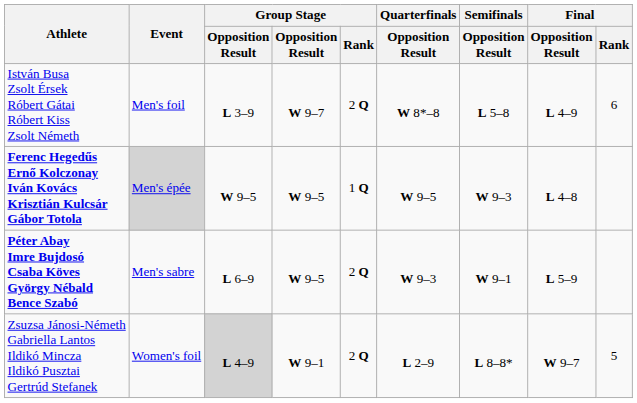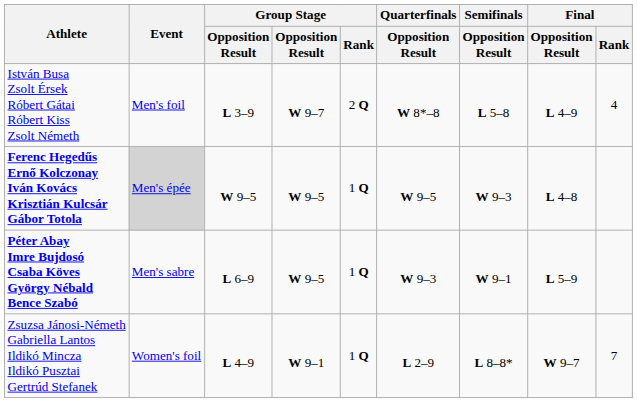 <table class=wikitable style="font-size:90%">
 <tr>
 <th rowspan="2">Athlete</th>
 <th rowspan="2">Event</th>
 <th colspan="3">Group Stage</th>
 <th>Quarterfinals</th>
 <th>Semifinals</th>
 <th colspan="2">Final</th>
 </tr>
 <tr>
 <th>Opposition<br>Result</th>
 <th>Opposition<br>Result</th>
 <th>Rank</th>
 <th>Opposition<br>Result</th>
 <th>Opposition<br>Result</th>
 <th>Opposition<br>Result</th>
 <th>Rank</th>
 </tr>
 <tr align=center>
 <td align=left><a href='#'>István Busa</a><br><a href='#'>Zsolt Érsek</a><br><a href='#'>Róbert Gátai</a><br><a href='#'>Róbert Kiss</a><br><a href='#'>Zsolt Németh</a></td>
 <td align=left><a href='#'>Men's foil</a></td>
 <td><br><strong>L</strong> 3–9</td>
 <td><br><strong>W</strong> 9–7</td>
 <td>2 <strong>Q</strong></td>
 <td><br><strong>W</strong> 8*–8</td>
 <td><br><strong>L</strong> 5–8</td>
 <td><br><strong>L</strong> 4–9</td>
-<td>6</td>
+<td>4</td>
 </tr>
 <tr align=center>
 <td align=left><strong><a href='#'>Ferenc Hegedűs</a><br><a href='#'>Ernő Kolczonay</a><br><a href='#'>Iván Kovács</a><br><a href='#'>Krisztián Kulcsár</a><br><a href='#'>Gábor Totola</a></strong></td>
 <td align=left style="background: lightgrey;"><a href='#'>Men's épée</a></td>
 <td><br><strong>W</strong> 9–5</td>
 <td><br><strong>W</strong> 9–5</td>
 <td>1 <strong>Q</strong></td>
 <td><br><strong>W</strong> 9–5</td>
 <td><br><strong>W</strong> 9–3</td>
 <td><br><strong>L</strong> 4–8</td>
 <td></td>
 </tr>
 <tr align=center>
 <td align=left><strong><a href='#'>Péter Abay</a><br><a href='#'>Imre Bujdosó</a><br><a href='#'>Csaba Köves</a><br><a href='#'>György Nébald</a><br><a href='#'>Bence Szabó</a></strong></td>
 <td align=left><a href='#'>Men's sabre</a></td>
 <td><br><strong>L</strong> 6–9</td>
 <td><br><strong>W</strong> 9–5</td>
-<td>2 <strong>Q</strong></td>
+<td>1 <strong>Q</strong></td>
 <td><br><strong>W</strong> 9–3</td>
 <td><br><strong>W</strong> 9–1</td>
 <td><br><strong>L</strong> 5–9</td>
 <td></td>
 </tr>
 <tr align=center>
 <td align=left><a href='#'>Zsuzsa Jánosi-Németh</a><br><a href='#'>Gabriella Lantos</a><br><a href='#'>Ildikó Mincza</a><br><a href='#'>Ildikó Pusztai</a><br><a href='#'>Gertrúd Stefanek</a></td>
 <td align=left><a href='#'>Women's foil</a></td>
-<td style="background: lightgrey;"><br><strong>L</strong> 4–9</td>
+<td><br><strong>L</strong> 4–9</td>
 <td><br><strong>W</strong> 9–1</td>
-<td>2 <strong>Q</strong></td>
+<td>1 <strong>Q</strong></td>
 <td><br><strong>L</strong> 2–9</td>
 <td><br><strong>L</strong> 8–8*</td>
 <td><br><strong>W</strong> 9–7</td>
-<td>5</td>
+<td>7</td>
 </tr>
 </table>
